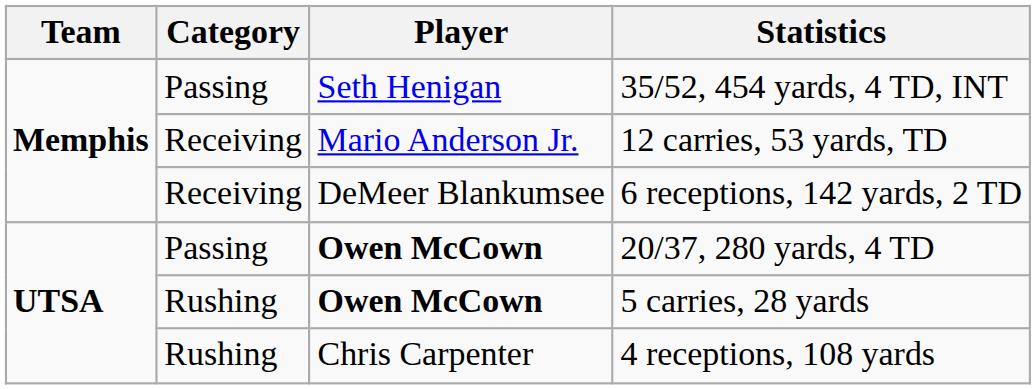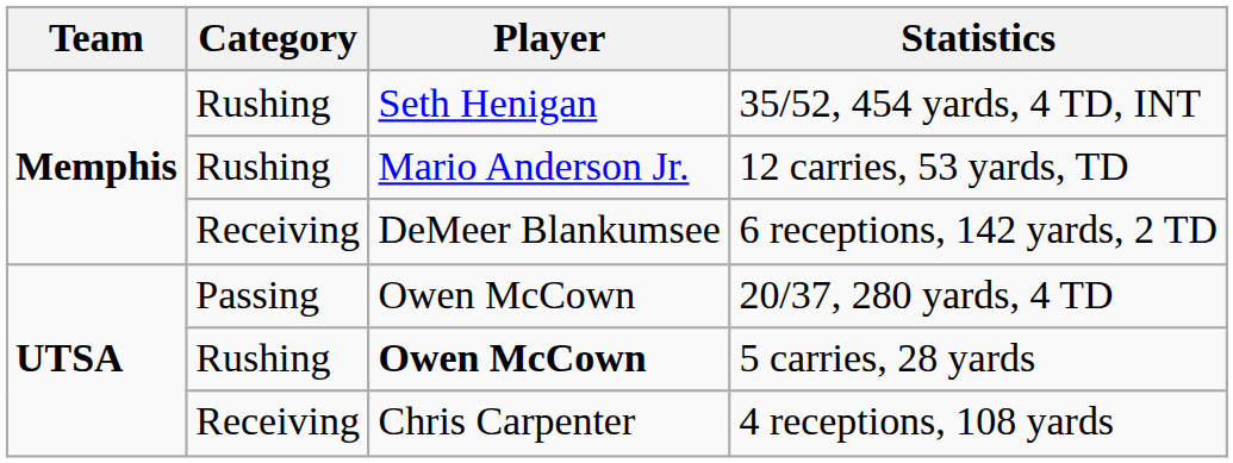 <table class="wikitable" style="float: right;">
 <tr>
 <th>Team</th>
 <th>Category</th>
 <th>Player</th>
 <th>Statistics</th>
 </tr>
 <tr>
 <td rowspan=3><strong>Memphis</strong></td>
-<td>Passing</td>
+<td>Rushing</td>
 <td><a href='#'>Seth Henigan</a></td>
 <td>35/52, 454 yards, 4 TD, INT</td>
 </tr>
 <tr>
-<td>Receiving</td>
+<td>Rushing</td>
 <td><a href='#'>Mario Anderson Jr.</a></td>
 <td>12 carries, 53 yards, TD</td>
 </tr>
 <tr>
 <td>Receiving</td>
 <td>DeMeer Blankumsee</td>
 <td>6 receptions, 142 yards, 2 TD</td>
 </tr>
 <tr>
 <td rowspan=3><strong>UTSA</strong></td>
 <td>Passing</td>
-<td><strong>Owen McCown</strong></td>
+<td>Owen McCown</td>
 <td>20/37, 280 yards, 4 TD</td>
 </tr>
 <tr>
 <td>Rushing</td>
 <td><strong>Owen McCown</strong></td>
 <td>5 carries, 28 yards</td>
 </tr>
 <tr>
-<td>Rushing</td>
+<td>Receiving</td>
 <td>Chris Carpenter</td>
 <td>4 receptions, 108 yards</td>
 </tr>
 </table>
